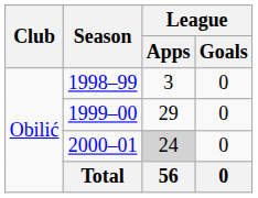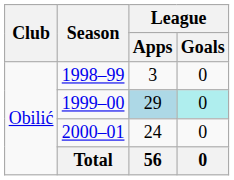 <table class="wikitable" style="text-align:center">
 <tr>
 <th rowspan="2">Club</th>
 <th rowspan="2">Season</th>
 <th colspan="2">League</th>
 </tr>
 <tr>
 <th>Apps</th>
 <th>Goals</th>
 </tr>
 <tr>
 <td rowspan="4"><a href='#'>Obilić</a></td>
 <td><a href='#'>1998–99</a></td>
 <td>3</td>
 <td>0</td>
 </tr>
 <tr>
 <td><a href='#'>1999–00</a></td>
-<td>29</td>
-<td>0</td>
+<td style="background: lightblue;">29</td>
+<td style="background: paleturquoise;">0</td>
 </tr>
 <tr>
 <td><a href='#'>2000–01</a></td>
-<td style="background: lightgrey;">24</td>
+<td>24</td>
 <td>0</td>
 </tr>
 <tr>
 <th>Total</th>
 <th>56</th>
 <th>0</th>
 </tr>
 </table>
